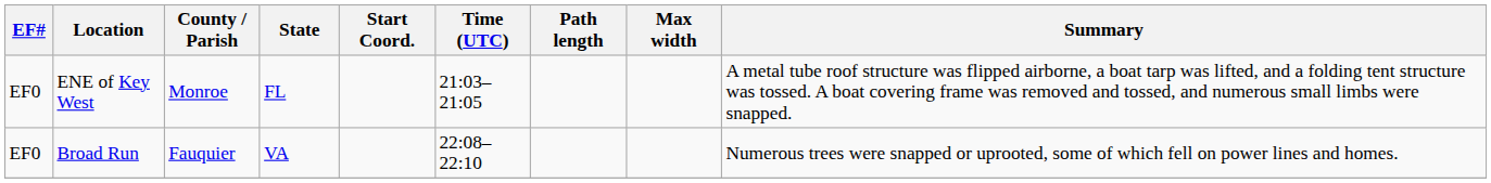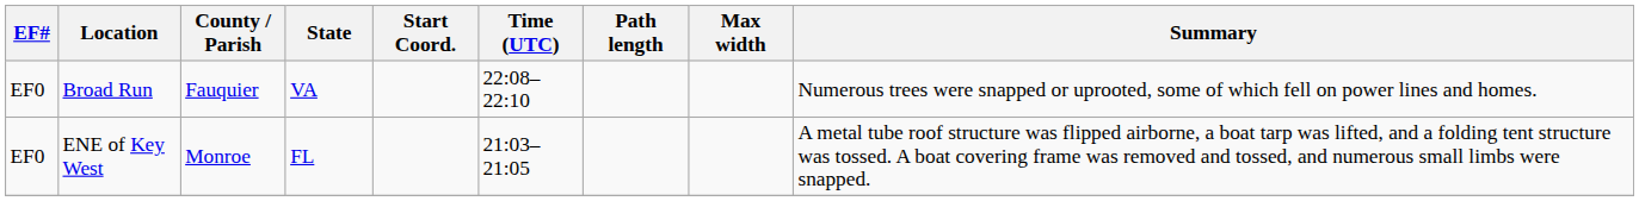 <table class="wikitable sortable" style="width:100%;">
 <tr>
 <th scope="col"  style="width:3%; text-align:center;"><a href='#'>EF#</a></th>
 <th scope="col"  style="width:7%; text-align:center;" class="unsortable">Location</th>
 <th scope="col"  style="width:6%; text-align:center;" class="unsortable">County / Parish</th>
 <th scope="col"  style="width:5%; text-align:center;">State</th>
 <th scope="col"  style="width:6%; text-align:center;">Start Coord.</th>
 <th scope="col"  style="width:6%; text-align:center;">Time (<a href='#'>UTC</a>)</th>
 <th scope="col"  style="width:6%; text-align:center;">Path length</th>
 <th scope="col"  style="width:6%; text-align:center;">Max width</th>
 <th scope="col" class="unsortable" style="width:48%; text-align:center;">Summary</th>
 </tr>
 <tr>
 <td>EF0</td>
+<td><a href='#'>Broad Run</a></td>
+<td><a href='#'>Fauquier</a></td>
+<td><a href='#'>VA</a></td>
+<td></td>
+<td>22:08–22:10</td>
+<td></td>
+<td></td>
+<td>Numerous trees were snapped or uprooted, some of which fell on power lines and homes.</td>
+</tr>
+<tr>
+<td>EF0</td>
 <td>ENE of <a href='#'>Key West</a></td>
 <td><a href='#'>Monroe</a></td>
 <td><a href='#'>FL</a></td>
 <td></td>
 <td>21:03–21:05</td>
 <td></td>
 <td></td>
 <td>A metal tube roof structure was flipped airborne, a boat tarp was lifted, and a folding tent structure was tossed. A boat covering frame was removed and tossed, and numerous small limbs were snapped.</td>
 </tr>
 <tr>
-<td>EF0</td>
-<td><a href='#'>Broad Run</a></td>
-<td><a href='#'>Fauquier</a></td>
-<td><a href='#'>VA</a></td>
-<td></td>
-<td>22:08–22:10</td>
-<td></td>
-<td></td>
-<td>Numerous trees were snapped or uprooted, some of which fell on power lines and homes.</td>
-</tr>
-<tr>
 </tr>
 </table>
